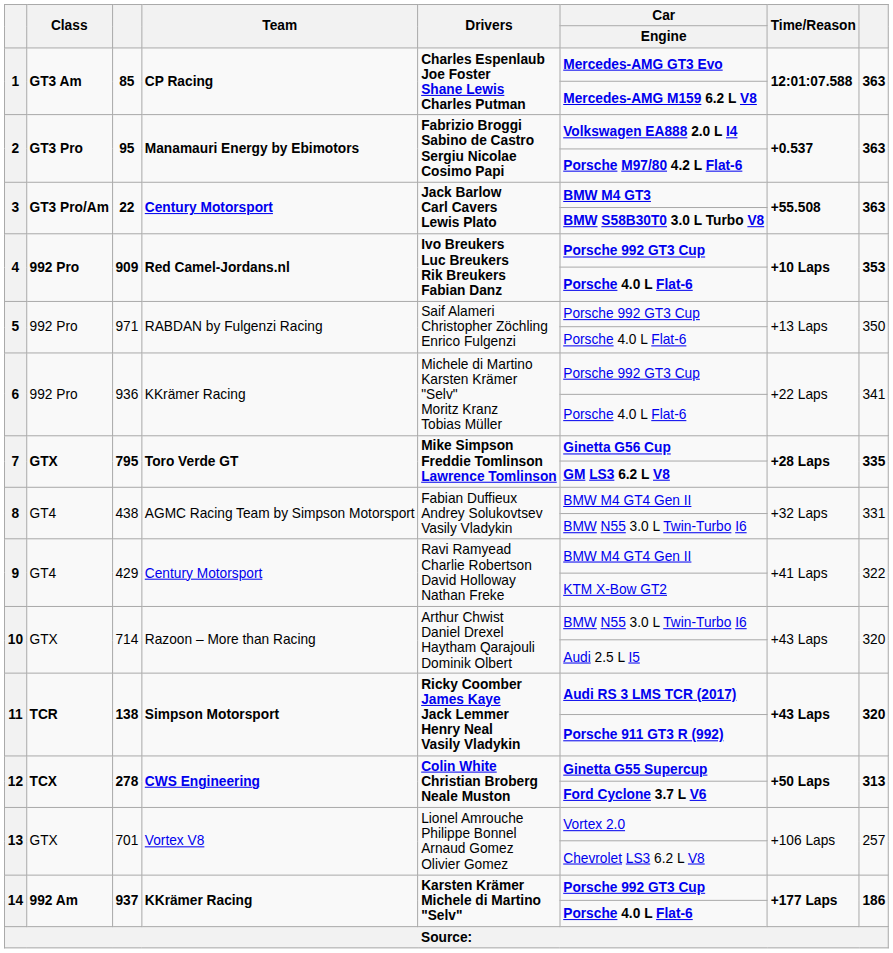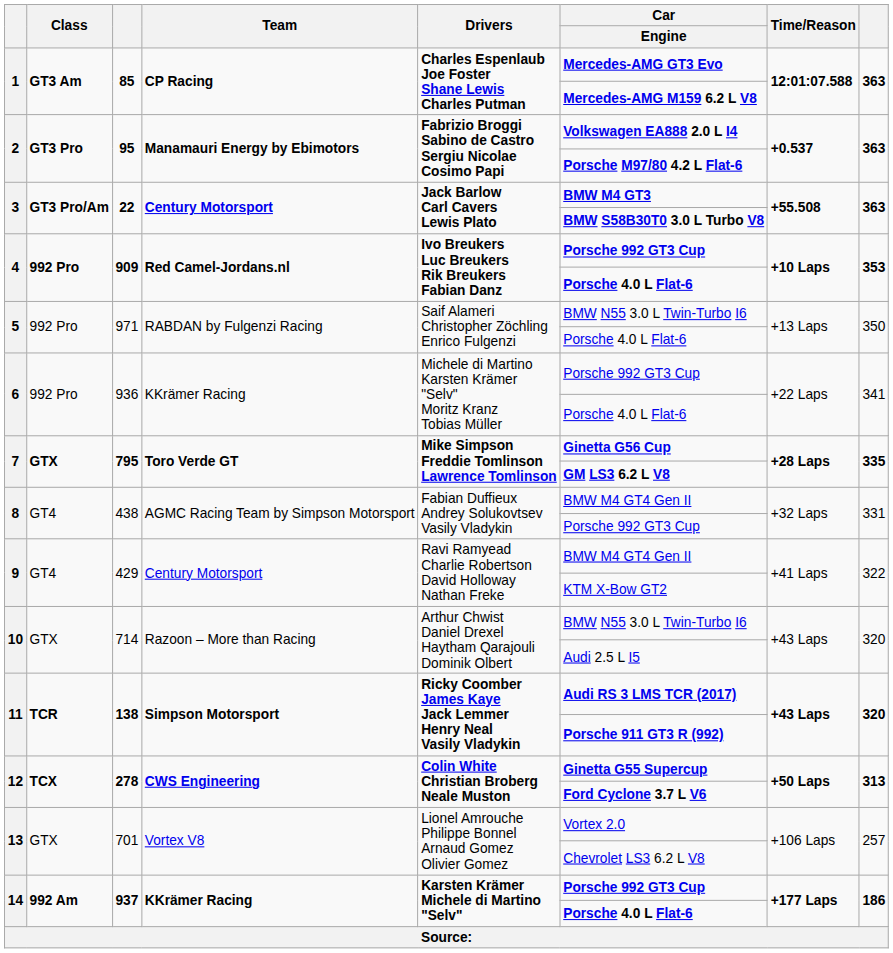 <table class="wikitable" style="font-size:85%;">
 <tr>
 <th rowspan=2></th>
 <th rowspan=2>Class</th>
 <th rowspan=2></th>
 <th rowspan=2>Team</th>
 <th rowspan=2>Drivers</th>
 <th>Car</th>
 <th rowspan=2>Time/Reason</th>
 <th rowspan=2></th>
 </tr>
 <tr>
 <th>Engine</th>
 </tr>
 <tr>
 <th rowspan=2>1</th>
 <td rowspan=2><strong>GT3 Am</strong></td>
 <td rowspan=2 align=center><strong>85</strong></td>
 <td rowspan=2><strong> CP Racing</strong></td>
 <td rowspan=2><strong> Charles Espenlaub<br> Joe Foster<br> <a href='#'>Shane Lewis</a><br> Charles Putman</strong></td>
 <td><a href='#'><strong>Mercedes-AMG GT3 Evo</strong></a></td>
 <td rowspan=2><strong>12:01:07.588</strong></td>
 <td rowspan=2><strong>363</strong></td>
 </tr>
 <tr>
 <td><strong><a href='#'>Mercedes-AMG M159</a> 6.2 L <a href='#'>V8</a></strong></td>
 </tr>
 <tr>
 <th rowspan=2>2</th>
 <td rowspan=2><strong>GT3 Pro</strong></td>
 <td rowspan=2 align=center><strong>95</strong></td>
 <td rowspan=2><strong> Manamauri Energy by Ebimotors</strong></td>
 <td rowspan=2><strong> Fabrizio Broggi<br> Sabino de Castro<br> Sergiu Nicolae<br> Cosimo Papi</strong></td>
 <td><strong><a href='#'>Volkswagen EA888</a> 2.0 L <a href='#'>I4</a></strong></td>
 <td rowspan=2><strong>+0.537</strong></td>
 <td rowspan=2><strong>363</strong></td>
 </tr>
 <tr>
 <td><strong><a href='#'>Porsche</a> <a href='#'>M97/80</a> 4.2 L <a href='#'>Flat-6</a></strong></td>
 </tr>
 <tr>
 <th rowspan=2>3</th>
 <td rowspan=2><strong>GT3 Pro/Am</strong></td>
 <td rowspan=2 align=center><strong>22</strong></td>
 <td rowspan=2><strong> <a href='#'>Century Motorsport</a></strong></td>
 <td rowspan=2><strong> Jack Barlow<br> Carl Cavers<br> Lewis Plato</strong></td>
 <td><a href='#'><strong>BMW M4 GT3</strong></a></td>
 <td rowspan=2><strong>+55.508</strong></td>
 <td rowspan=2><strong>363</strong></td>
 </tr>
 <tr>
 <td><strong><a href='#'>BMW</a> <a href='#'>S58B30T0</a> 3.0 L Turbo <a href='#'>V8</a></strong></td>
 </tr>
 <tr>
 <th rowspan=2>4</th>
 <td rowspan=2><strong>992 Pro</strong></td>
 <td rowspan=2 align=center><strong>909</strong></td>
 <td rowspan=2><strong> Red Camel-Jordans.nl</strong></td>
 <td rowspan=2><strong> Ivo Breukers<br> Luc Breukers<br> Rik Breukers<br> Fabian Danz</strong></td>
 <td><a href='#'><strong>Porsche 992 GT3 Cup</strong></a></td>
 <td rowspan=2><strong>+10 Laps</strong></td>
 <td rowspan=2><strong>353</strong></td>
 </tr>
 <tr>
 <td><strong><a href='#'>Porsche</a> 4.0 L <a href='#'>Flat-6</a></strong></td>
 </tr>
 <tr>
 <th rowspan=2>5</th>
 <td rowspan=2>992 Pro</td>
 <td rowspan=2 align=center>971</td>
 <td rowspan=2> RABDAN by Fulgenzi Racing</td>
 <td rowspan=2> Saif Alameri<br> Christopher Zöchling<br> Enrico Fulgenzi</td>
-<td><a href='#'>Porsche 992 GT3 Cup</a></td>
+<td><a href='#'>BMW</a> <a href='#'>N55</a> 3.0 L <a href='#'>Twin-Turbo</a> <a href='#'>I6</a></td>
 <td rowspan=2>+13 Laps</td>
 <td rowspan=2>350</td>
 </tr>
 <tr>
 <td><a href='#'>Porsche</a> 4.0 L <a href='#'>Flat-6</a></td>
 </tr>
 <tr>
 <th rowspan=2>6</th>
 <td rowspan=2>992 Pro</td>
 <td rowspan=2 align=center>936</td>
 <td rowspan=2> KKrämer Racing</td>
 <td rowspan=2> Michele di Martino<br> Karsten Krämer<br> "Selv"<br> Moritz Kranz<br> Tobias Müller</td>
 <td><a href='#'>Porsche 992 GT3 Cup</a></td>
 <td rowspan=2>+22 Laps</td>
 <td rowspan=2>341</td>
 </tr>
 <tr>
 <td><a href='#'>Porsche</a> 4.0 L <a href='#'>Flat-6</a></td>
 </tr>
 <tr>
 <th rowspan=2>7</th>
 <td rowspan=2><strong>GTX</strong></td>
 <td rowspan=2 align=center><strong>795</strong></td>
 <td rowspan=2><strong> Toro Verde GT</strong></td>
 <td rowspan=2><strong> Mike Simpson<br> Freddie Tomlinson<br> <a href='#'>Lawrence Tomlinson</a></strong></td>
 <td><a href='#'><strong>Ginetta G56 Cup</strong></a></td>
 <td rowspan=2><strong>+28 Laps</strong></td>
 <td rowspan=2><strong>335</strong></td>
 </tr>
 <tr>
 <td><strong><a href='#'>GM</a> <a href='#'>LS3</a> 6.2 L <a href='#'>V8</a></strong></td>
 </tr>
 <tr>
 <th rowspan=2>8</th>
 <td rowspan=2>GT4</td>
 <td rowspan=2 align=center>438</td>
 <td rowspan=2> AGMC Racing Team by Simpson Motorsport</td>
 <td rowspan=2> Fabian Duffieux<br> Andrey Solukovtsev<br> Vasily Vladykin</td>
 <td><a href='#'>BMW M4 GT4 Gen II</a></td>
 <td rowspan=2>+32 Laps</td>
 <td rowspan=2>331</td>
 </tr>
 <tr>
-<td><a href='#'>BMW</a> <a href='#'>N55</a> 3.0 L <a href='#'>Twin-Turbo</a> <a href='#'>I6</a></td>
+<td><a href='#'>Porsche 992 GT3 Cup</a></td>
 </tr>
 <tr>
 <th rowspan=2>9</th>
 <td rowspan=2>GT4</td>
 <td rowspan=2 align=center>429</td>
 <td rowspan=2> <a href='#'>Century Motorsport</a></td>
 <td rowspan=2> Ravi Ramyead<br> Charlie Robertson<br> David Holloway<br> Nathan Freke</td>
 <td><a href='#'>BMW M4 GT4 Gen II</a></td>
 <td rowspan=2>+41 Laps</td>
 <td rowspan=2>322</td>
 </tr>
 <tr>
 <td><a href='#'>KTM X-Bow GT2</a></td>
 </tr>
 <tr>
 <th rowspan=2>10</th>
 <td rowspan=2>GTX</td>
 <td rowspan=2 align=center>714</td>
 <td rowspan=2> Razoon – More than Racing</td>
 <td rowspan=2> Arthur Chwist<br> Daniel Drexel<br> Haytham Qarajouli<br> Dominik Olbert</td>
 <td><a href='#'>BMW</a> <a href='#'>N55</a> 3.0 L <a href='#'>Twin-Turbo</a> <a href='#'>I6</a></td>
 <td rowspan=2>+43 Laps</td>
 <td rowspan=2>320</td>
 </tr>
 <tr>
 <td><a href='#'>Audi</a> 2.5 L <a href='#'>I5</a></td>
 </tr>
 <tr>
 <th rowspan=2>11</th>
 <td rowspan=2><strong>TCR</strong></td>
 <td rowspan=2 align=center><strong>138</strong></td>
 <td rowspan=2><strong> Simpson Motorsport</strong></td>
 <td rowspan=2><strong> Ricky Coomber<br> <a href='#'>James Kaye</a><br> Jack Lemmer<br> Henry Neal<br> Vasily Vladykin</strong></td>
 <td><a href='#'><strong>Audi RS 3 LMS TCR (2017)</strong></a></td>
 <td rowspan=2><strong>+43 Laps</strong></td>
 <td rowspan=2><strong>320</strong></td>
 </tr>
 <tr>
 <td><a href='#'><strong>Porsche 911 GT3 R (992)</strong></a></td>
 </tr>
 <tr>
 <th rowspan=2>12</th>
 <td rowspan=2><strong>TCX</strong></td>
 <td rowspan=2 align=center><strong>278</strong></td>
 <td rowspan=2><strong> <a href='#'>CWS Engineering</a></strong></td>
 <td rowspan=2><strong> <a href='#'>Colin White</a><br> Christian Broberg<br> Neale Muston</strong></td>
 <td><a href='#'><strong>Ginetta G55 Supercup</strong></a></td>
 <td rowspan=2><strong>+50 Laps</strong></td>
 <td rowspan=2><strong>313</strong></td>
 </tr>
 <tr>
 <td><strong><a href='#'>Ford Cyclone</a> 3.7 L <a href='#'>V6</a></strong></td>
 </tr>
 <tr>
 <th rowspan=2>13</th>
 <td rowspan=2>GTX</td>
 <td rowspan=2 align=center>701</td>
 <td rowspan=2> <a href='#'>Vortex V8</a></td>
 <td rowspan=2> Lionel Amrouche<br> Philippe Bonnel<br> Arnaud Gomez<br> Olivier Gomez</td>
 <td><a href='#'>Vortex 2.0</a></td>
 <td rowspan=2>+106 Laps</td>
 <td rowspan=2>257</td>
 </tr>
 <tr>
 <td><a href='#'>Chevrolet</a> <a href='#'>LS3</a> 6.2 L <a href='#'>V8</a></td>
 </tr>
 <tr>
 <th rowspan=2>14</th>
 <td rowspan=2><strong>992 Am</strong></td>
 <td rowspan=2 align=center><strong>937</strong></td>
 <td rowspan=2><strong> KKrämer Racing</strong></td>
 <td rowspan=2><strong> Karsten Krämer<br> Michele di Martino<br> "Selv"</strong></td>
 <td><a href='#'><strong>Porsche 992 GT3 Cup</strong></a></td>
 <td rowspan=2><strong>+177 Laps</strong></td>
 <td rowspan=2><strong>186</strong></td>
 </tr>
 <tr>
 <td><strong><a href='#'>Porsche</a> 4.0 L <a href='#'>Flat-6</a></strong></td>
 </tr>
 <tr>
 <th colspan="8">Source:</th>
 </tr>
 </table>
